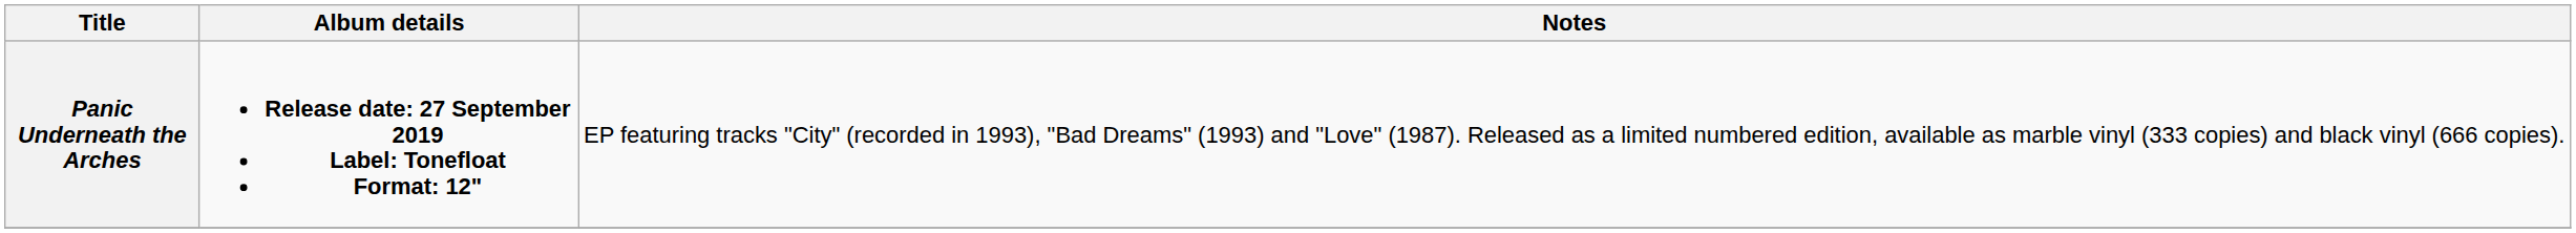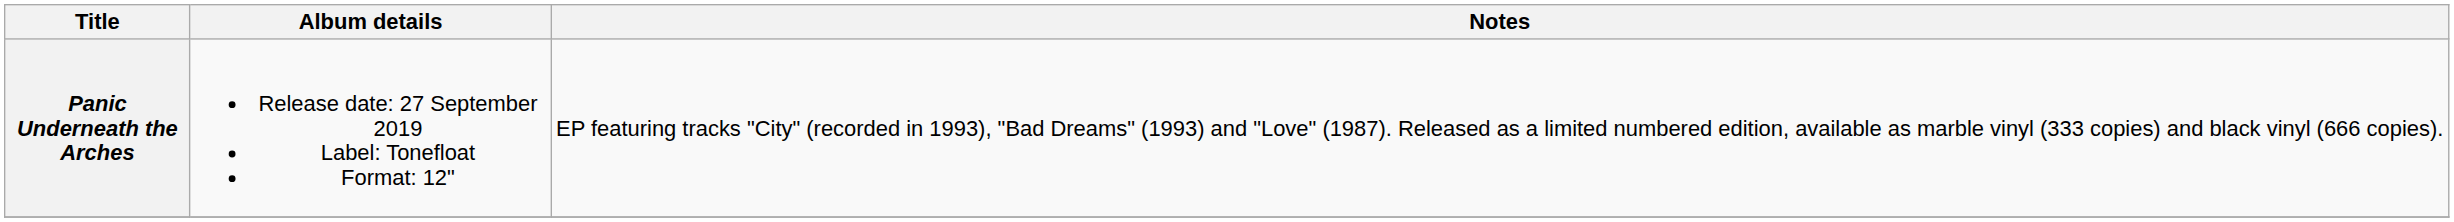 <table class="wikitable plainrowheaders" style="text-align:center;">
 <tr>
 <th scope="col" style="width:8em;">Title</th>
 <th scope="col" style="width:16em;">Album details</th>
 <th scope="col">Notes</th>
 </tr>
 <tr>
 <th scope="row"><em>Panic Underneath the Arches</em></th>
-<td><strong><br><ul><li>Release date: 27 September 2019</li><li>Label: Tonefloat</li><li>Format: 12"</li></ul></strong></td>
+<td><br><ul><li>Release date: 27 September 2019</li><li>Label: Tonefloat</li><li>Format: 12"</li></ul></td>
 <td>EP featuring tracks "City" (recorded in 1993), "Bad Dreams" (1993) and "Love" (1987). Released as a limited numbered edition, available as marble vinyl (333 copies) and black vinyl (666 copies).</td>
 </tr>
 <tr>
 </tr>
 </table>
